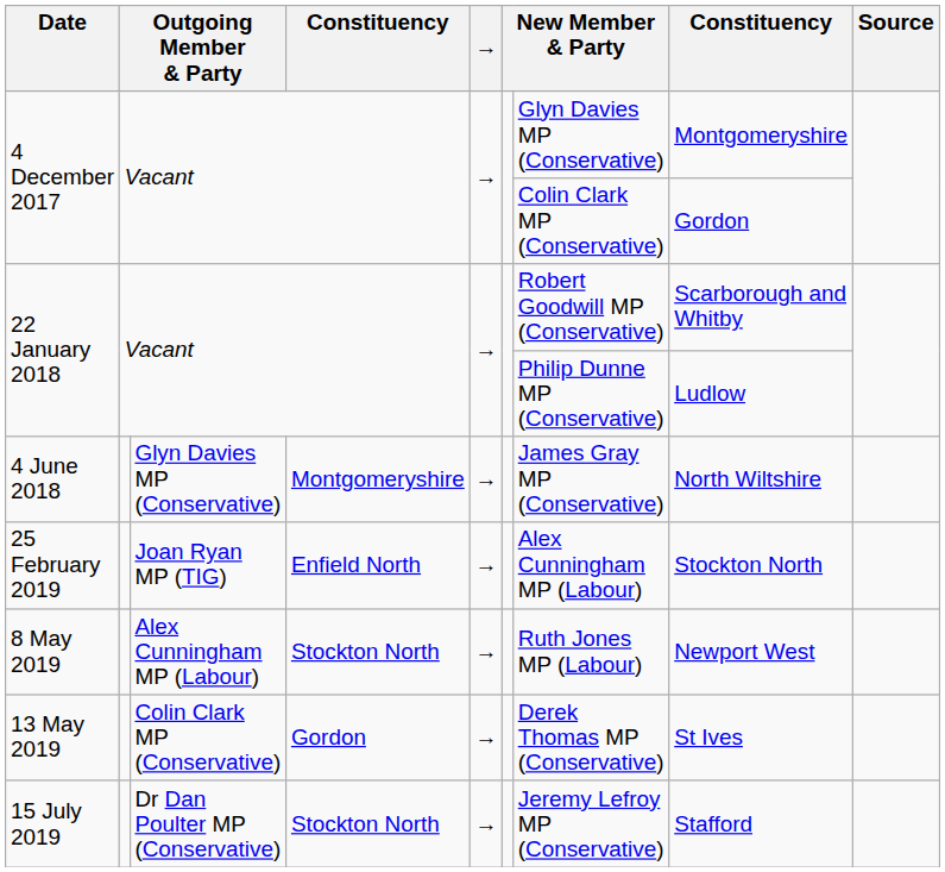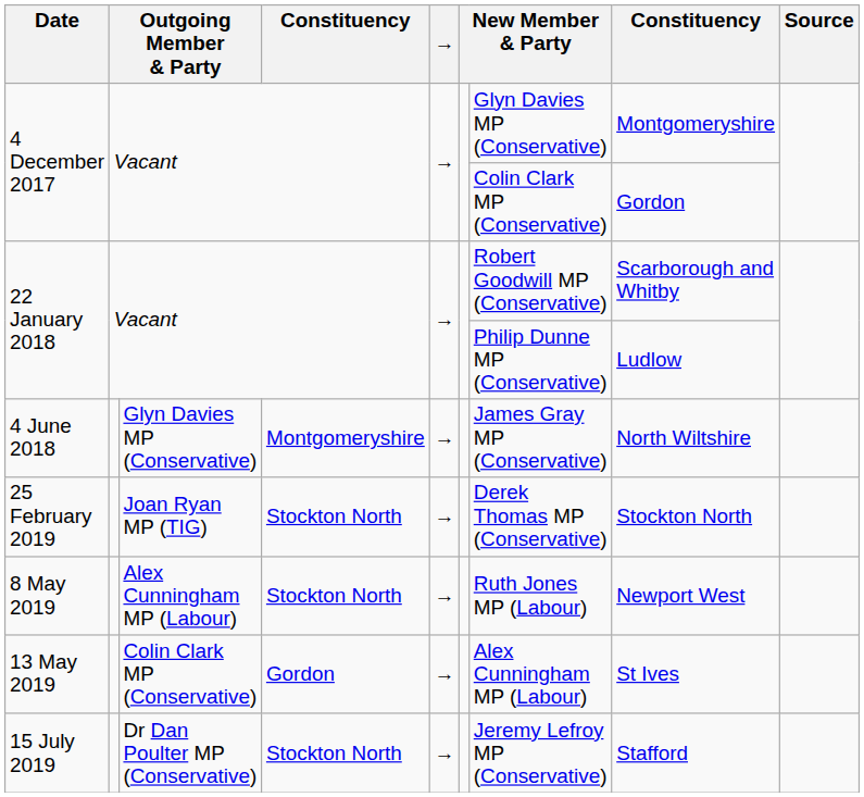 <table class="wikitable">
 <tr>
 <th valign="top">Date</th>
 <th colspan="2" valign="top">Outgoing Member<br>& Party</th>
 <th valign="top">Constituency</th>
 <th>→</th>
 <th colspan="2" valign="top">New Member<br>& Party</th>
 <th valign="top">Constituency</th>
 <th valign="top">Source</th>
 </tr>
 <tr>
 <td rowspan=2>4 December 2017</td>
 <td colspan=3 rowspan=2><em>Vacant</em></td>
 <td rowspan=2>→</td>
 <td rowspan=2 style="color:inherit;background:"></td>
 <td><a href='#'>Glyn Davies</a> MP (<a href='#'>Conservative</a>)</td>
 <td><a href='#'>Montgomeryshire</a></td>
 <td rowspan=2></td>
 </tr>
 <tr>
 <td><a href='#'>Colin Clark</a> MP (<a href='#'>Conservative</a>)</td>
 <td><a href='#'>Gordon</a></td>
 </tr>
 <tr>
 <td rowspan=2>22 January 2018</td>
 <td colspan=3 rowspan=2><em>Vacant</em></td>
 <td rowspan=2>→</td>
 <td rowspan=2 style="color:inherit;background:"></td>
 <td><a href='#'>Robert Goodwill</a> MP (<a href='#'>Conservative</a>)</td>
 <td><a href='#'>Scarborough and Whitby</a></td>
 <td rowspan=2></td>
 </tr>
 <tr>
 <td><a href='#'>Philip Dunne</a> MP (<a href='#'>Conservative</a>)</td>
 <td><a href='#'>Ludlow</a></td>
 </tr>
 <tr>
 <td>4 June 2018</td>
 <td style="color:inherit;background:"></td>
 <td><a href='#'>Glyn Davies</a> MP (<a href='#'>Conservative</a>)</td>
 <td><a href='#'>Montgomeryshire</a></td>
 <td>→</td>
 <td style="color:inherit;background:"></td>
 <td><a href='#'>James Gray</a> MP (<a href='#'>Conservative</a>)</td>
 <td><a href='#'>North Wiltshire</a></td>
 <td></td>
 </tr>
 <tr>
 <td>25 February 2019</td>
 <td style="color:inherit;background:"></td>
 <td><a href='#'>Joan Ryan</a> MP (<a href='#'>TIG</a>)</td>
-<td><a href='#'>Enfield North</a></td>
+<td><a href='#'>Stockton North</a></td>
 <td>→</td>
 <td style="color:inherit;background:"></td>
-<td><a href='#'>Alex Cunningham</a> MP (<a href='#'>Labour</a>)</td>
+<td><a href='#'>Derek Thomas</a> MP (<a href='#'>Conservative</a>)</td>
 <td><a href='#'>Stockton North</a></td>
 <td></td>
 </tr>
 <tr>
 <td>8 May 2019</td>
 <td style="color:inherit;background:"></td>
 <td><a href='#'>Alex Cunningham</a> MP (<a href='#'>Labour</a>)</td>
 <td><a href='#'>Stockton North</a></td>
 <td>→</td>
 <td style="color:inherit;background:"></td>
 <td><a href='#'>Ruth Jones</a> MP (<a href='#'>Labour</a>)</td>
 <td><a href='#'>Newport West</a></td>
 <td></td>
 </tr>
 <tr>
 <td>13 May 2019</td>
 <td style="color:inherit;background:"></td>
 <td><a href='#'>Colin Clark</a> MP (<a href='#'>Conservative</a>)</td>
 <td><a href='#'>Gordon</a></td>
 <td>→</td>
 <td style="color:inherit;background:"></td>
-<td><a href='#'>Derek Thomas</a> MP (<a href='#'>Conservative</a>)</td>
+<td><a href='#'>Alex Cunningham</a> MP (<a href='#'>Labour</a>)</td>
 <td><a href='#'>St Ives</a></td>
 <td></td>
 </tr>
 <tr>
 <td>15 July 2019</td>
 <td style="color:inherit;background:"></td>
 <td>Dr <a href='#'>Dan Poulter</a> MP (<a href='#'>Conservative</a>)</td>
 <td><a href='#'>Stockton North</a></td>
 <td>→</td>
 <td style="color:inherit;background:"></td>
 <td><a href='#'>Jeremy Lefroy</a> MP (<a href='#'>Conservative</a>)</td>
 <td><a href='#'>Stafford</a></td>
 <td></td>
 </tr>
 </table>
